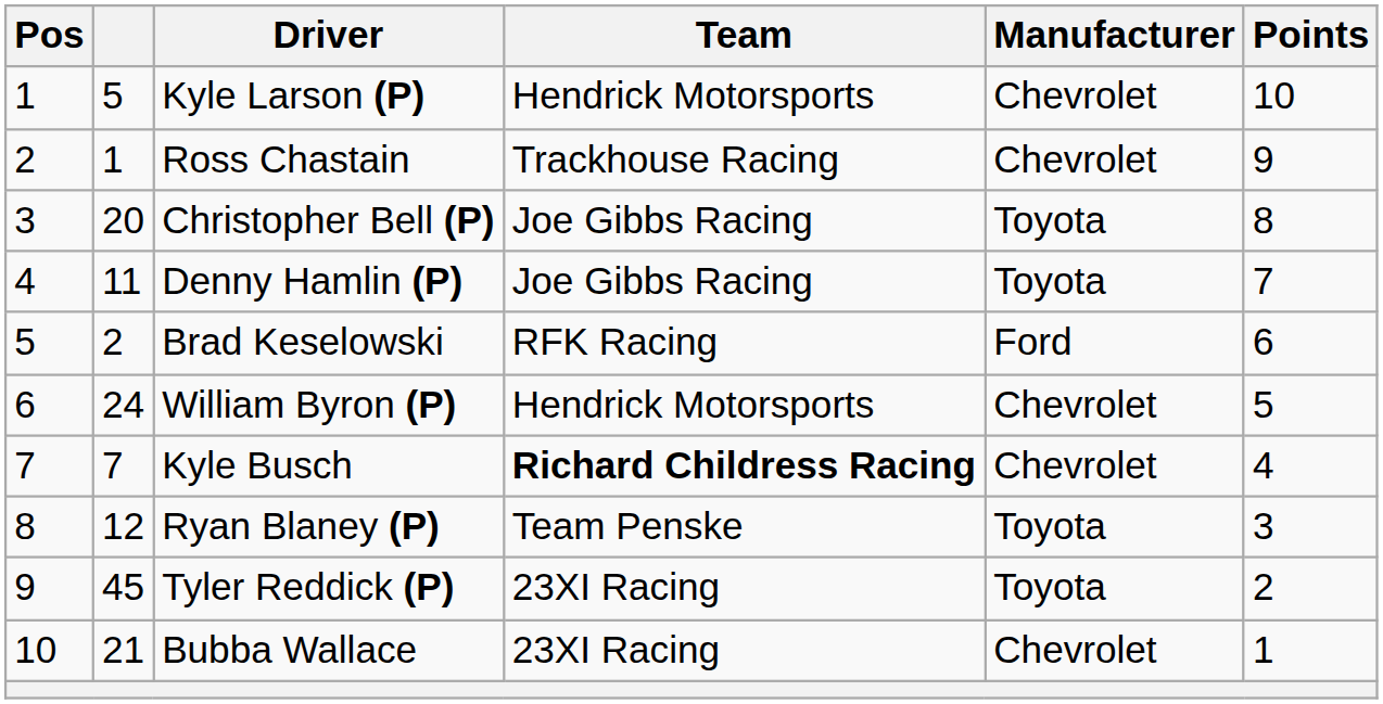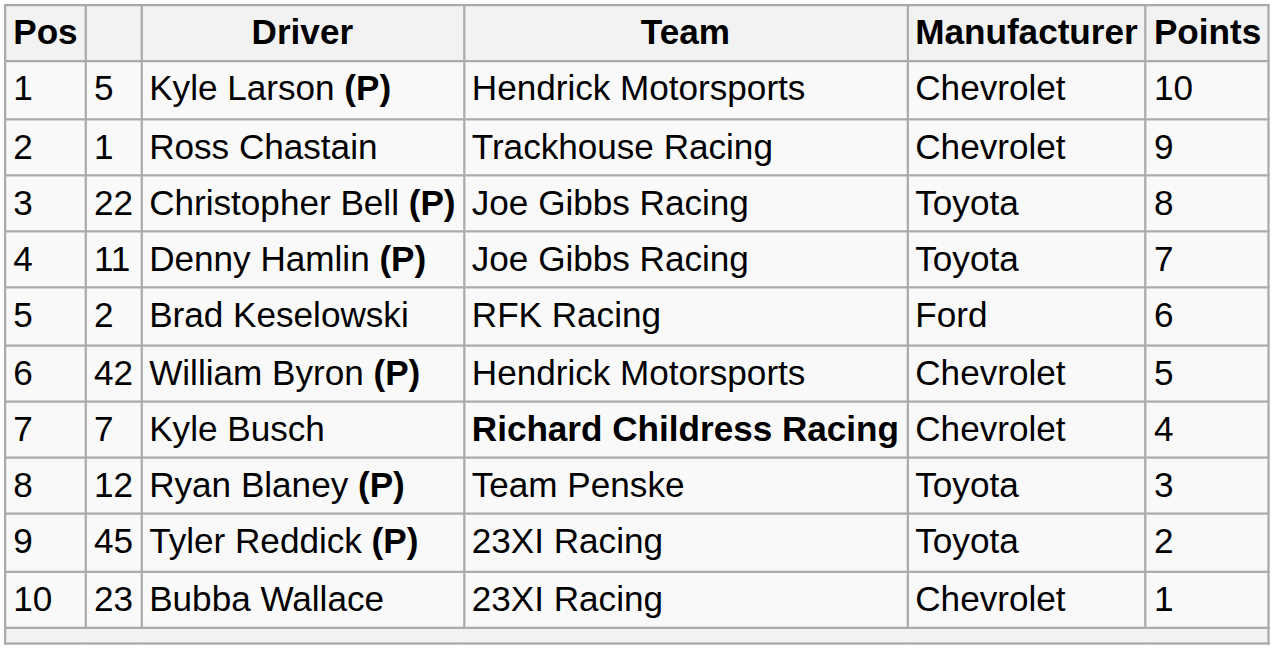 <table class="wikitable" style="font-size:98%">
 <tr>
 <th>Pos</th>
 <th></th>
 <th>Driver</th>
 <th>Team</th>
 <th>Manufacturer</th>
 <th>Points</th>
 </tr>
 <tr>
 <td>1</td>
 <td>5</td>
 <td>Kyle Larson <strong>(P)</strong></td>
 <td>Hendrick Motorsports</td>
 <td>Chevrolet</td>
 <td>10</td>
 </tr>
 <tr>
 <td>2</td>
 <td>1</td>
 <td>Ross Chastain</td>
 <td>Trackhouse Racing</td>
 <td>Chevrolet</td>
 <td>9</td>
 </tr>
 <tr>
 <td>3</td>
-<td>20</td>
+<td>22</td>
 <td>Christopher Bell <strong>(P)</strong></td>
 <td>Joe Gibbs Racing</td>
 <td>Toyota</td>
 <td>8</td>
 </tr>
 <tr>
 <td>4</td>
 <td>11</td>
 <td>Denny Hamlin <strong>(P)</strong></td>
 <td>Joe Gibbs Racing</td>
 <td>Toyota</td>
 <td>7</td>
 </tr>
 <tr>
 <td>5</td>
 <td>2</td>
 <td>Brad Keselowski</td>
 <td>RFK Racing</td>
 <td>Ford</td>
 <td>6</td>
 </tr>
 <tr>
 <td>6</td>
-<td>24</td>
+<td>42</td>
 <td>William Byron <strong>(P)</strong></td>
 <td>Hendrick Motorsports</td>
 <td>Chevrolet</td>
 <td>5</td>
 </tr>
 <tr>
 <td>7</td>
 <td>7</td>
 <td>Kyle Busch</td>
 <td><strong>Richard Childress Racing</strong></td>
 <td>Chevrolet</td>
 <td>4</td>
 </tr>
 <tr>
 <td>8</td>
 <td>12</td>
 <td>Ryan Blaney <strong>(P)</strong></td>
 <td>Team Penske</td>
 <td>Toyota</td>
 <td>3</td>
 </tr>
 <tr>
 <td>9</td>
 <td>45</td>
 <td>Tyler Reddick <strong>(P)</strong></td>
 <td>23XI Racing</td>
 <td>Toyota</td>
 <td>2</td>
 </tr>
 <tr>
 <td>10</td>
-<td>21</td>
+<td>23</td>
 <td>Bubba Wallace</td>
 <td>23XI Racing</td>
 <td>Chevrolet</td>
 <td>1</td>
 </tr>
 <tr>
 <th colspan="6"></th>
 </tr>
 </table>
